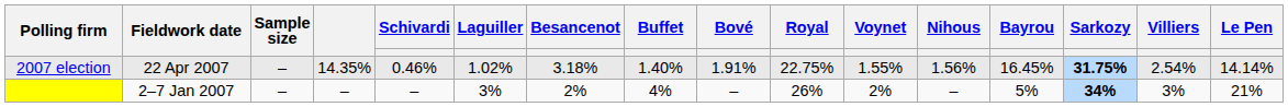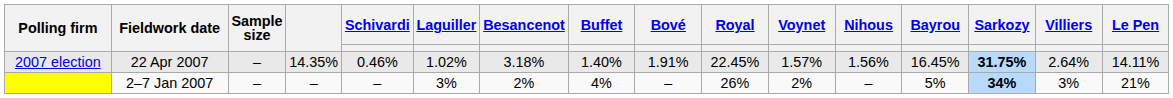 <table class="wikitable sortable" style="text-align:center;font-size:90%;line-height:14px;">
 <tr style="height:40px;">
 <th style="width:100px;" rowspan="2">Polling firm</th>
 <th style="width:110px;" rowspan="2">Fieldwork date</th>
 <th style="width:35px;" rowspan="2">Sample<br>size</th>
 <th style="width:30px;" rowspan="2"></th>
 <th class="unsortable" style="width:60px;"><a href='#'>Schivardi</a><br></th>
 <th class="unsortable" style="width:60px;"><a href='#'>Laguiller</a><br></th>
 <th class="unsortable" style="width:60px;"><a href='#'>Besancenot</a><br></th>
 <th class="unsortable" style="width:60px;"><a href='#'>Buffet</a><br></th>
 <th class="unsortable" style="width:60px;"><a href='#'>Bové</a><br></th>
 <th class="unsortable" style="width:60px;"><a href='#'>Royal</a><br></th>
 <th class="unsortable" style="width:60px;"><a href='#'>Voynet</a><br></th>
 <th class="unsortable" style="width:60px;"><a href='#'>Nihous</a><br></th>
 <th class="unsortable" style="width:60px;"><a href='#'>Bayrou</a><br></th>
 <th class="unsortable" style="width:60px;"><a href='#'>Sarkozy</a><br></th>
 <th class="unsortable" style="width:60px;"><a href='#'>Villiers</a><br></th>
 <th class="unsortable" style="width:60px;"><a href='#'>Le Pen</a><br></th>
 </tr>
 <tr>
 <th style="background:"></th>
 <th style="background:"></th>
 <th style="background:"></th>
 <th style="background:"></th>
 <th style="background:"></th>
 <th style="background:"></th>
 <th style="background:"></th>
 <th style="background:"></th>
 <th style="background:"></th>
 <th style="background:"></th>
 <th style="background:"></th>
 <th style="background:"></th>
 </tr>
 <tr style="background:#E9E9E9;">
 <td><a href='#'>2007 election</a></td>
 <td data-sort-value="2007-04-22">22 Apr 2007</td>
 <td>–</td>
 <td>14.35%</td>
 <td>0.46%</td>
 <td>1.02%</td>
 <td>3.18%</td>
 <td>1.40%</td>
 <td>1.91%</td>
-<td>22.75%</td>
-<td>1.55%</td>
+<td>22.45%</td>
+<td>1.57%</td>
 <td>1.56%</td>
 <td>16.45%</td>
 <td style="background:#B9DAFF;"><strong>31.75%</strong></td>
-<td>2.54%</td>
-<td>14.14%</td>
+<td>2.64%</td>
+<td>14.11%</td>
 </tr>
 <tr>
 <td style="background:yellow;"></td>
 <td data-sort-value="2007-01-07">2–7 Jan 2007</td>
 <td>–</td>
 <td>–</td>
 <td>–</td>
 <td>3%</td>
 <td>2%</td>
 <td>4%</td>
 <td>–</td>
 <td>26%</td>
 <td>2%</td>
 <td>–</td>
 <td>5%</td>
 <td style="background:#B9DAFF;"><strong>34%</strong></td>
 <td>3%</td>
 <td>21%</td>
 </tr>
 </table>
